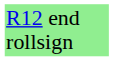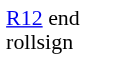 <table style="width:80px;">
 <tr>
 <td></td>
 </tr>
 <tr>
-<td style="background: lightgreen;"><div><a href='#'>R12</a> end rollsign</div></td>
+<td><div><a href='#'>R12</a> end rollsign</div></td>
 </tr>
 </table>
